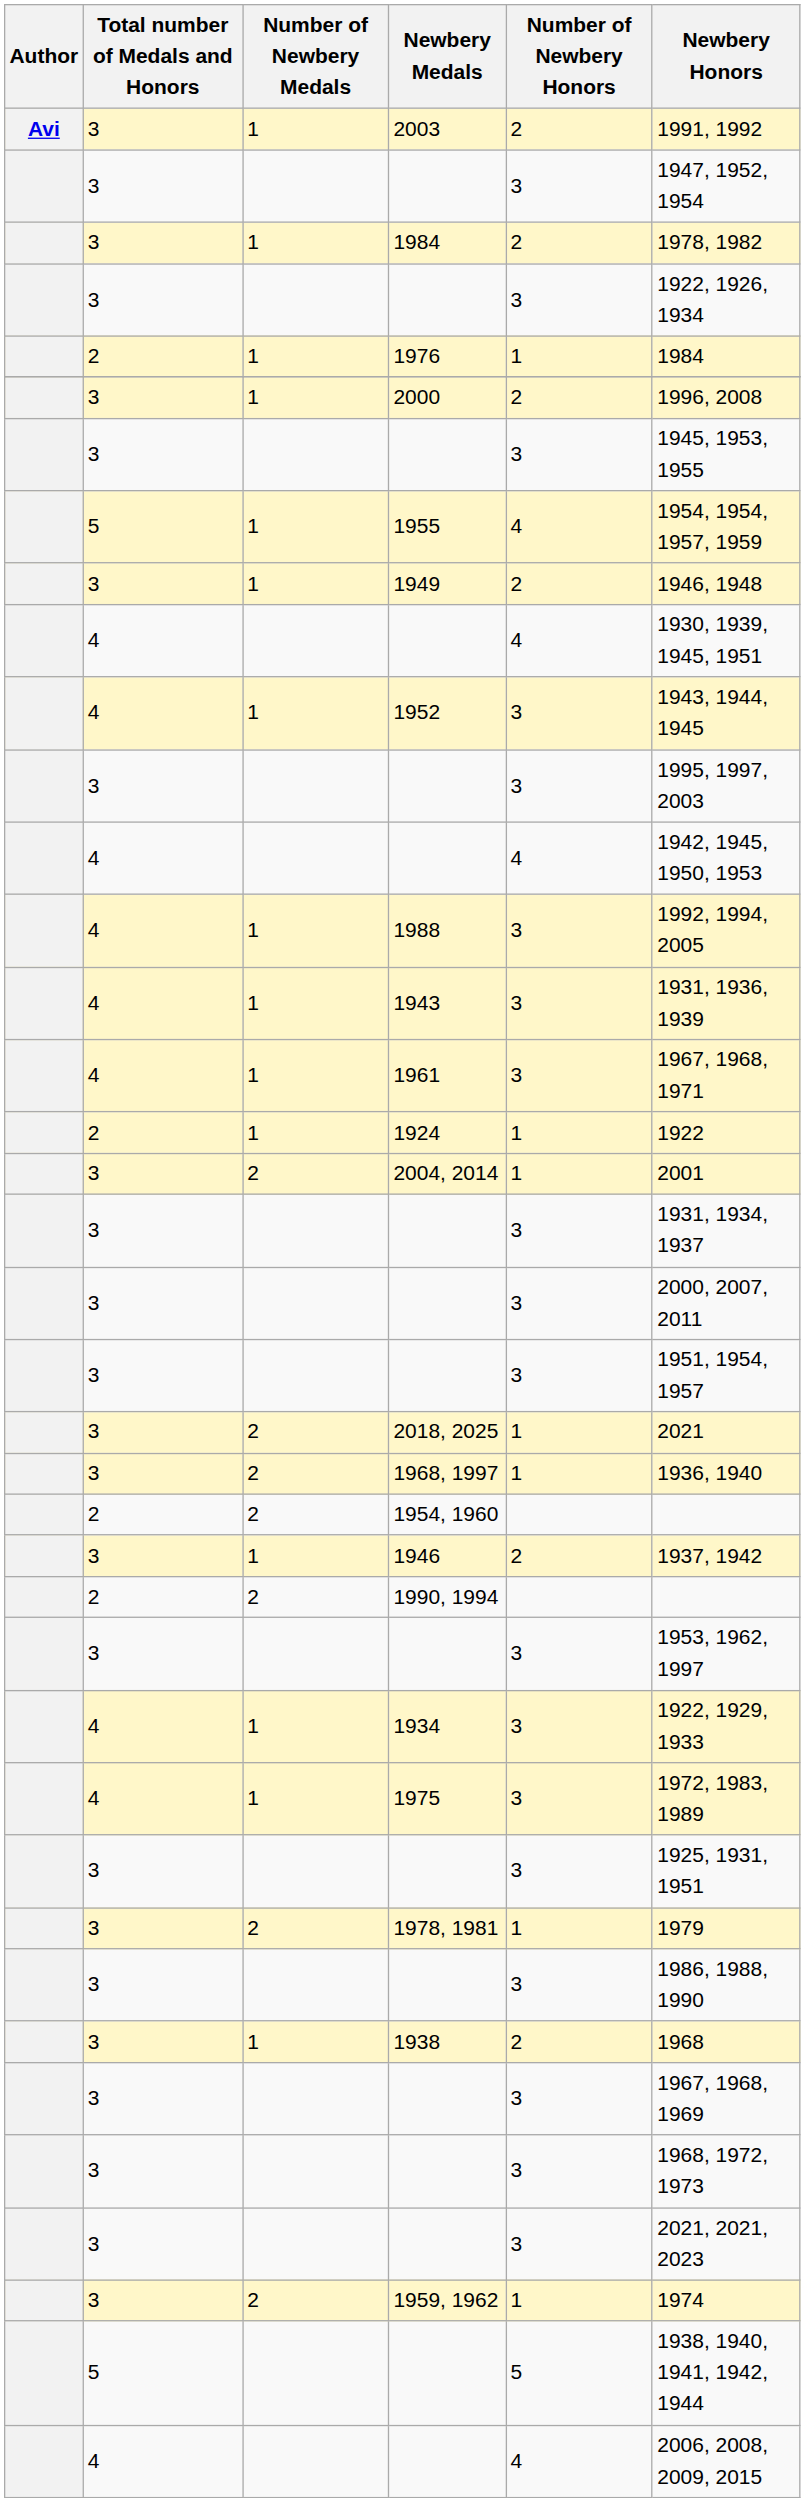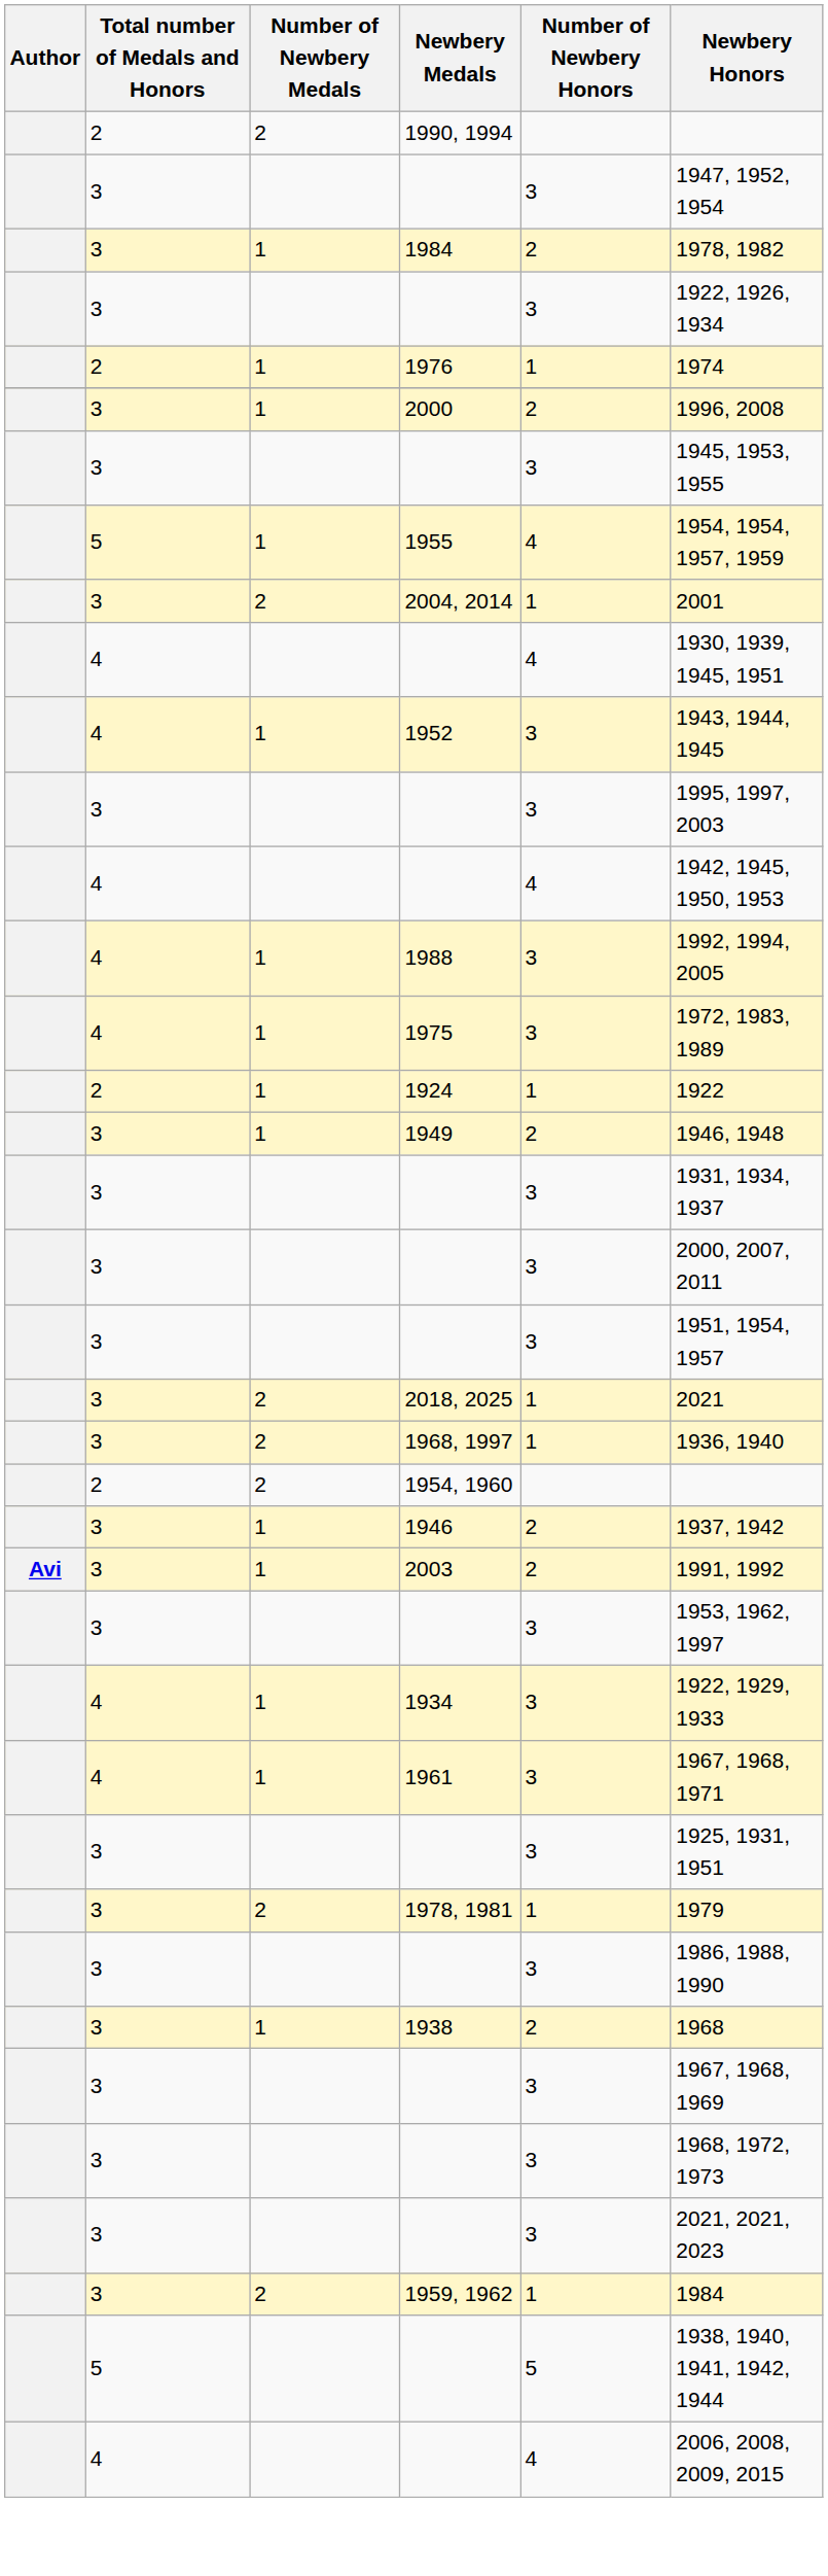 <table class="wikitable sortable" style="font-size:1.00em; line-height:1.5em;">
 <tr>
 <th scope="col">Author</th>
 <th scope="col">Total number of Medals and Honors</th>
 <th scope="col">Number of Newbery Medals</th>
 <th scope="col">Newbery Medals</th>
 <th scope="col">Number of Newbery Honors</th>
 <th scope="col">Newbery Honors</th>
 </tr>
-<tr style="background:#fff7c9">
-<th scope=“row”><a href='#'>Avi</a></th>
-<td>3</td>
-<td>1</td>
-<td>2003</td>
+<tr>
+<th scope=“row”></th>
 <td>2</td>
-<td>1991, 1992</td>
+<td>2</td>
+<td>1990, 1994</td>
+<td></td>
+<td></td>
 </tr>
 <tr>
 <th scope=“row”></th>
 <td>3</td>
 <td></td>
 <td></td>
 <td>3</td>
 <td>1947, 1952, 1954</td>
 </tr>
 <tr style="background:#fff7c9">
 <th scope=“row”></th>
 <td>3</td>
 <td>1</td>
 <td>1984</td>
 <td>2</td>
 <td>1978, 1982</td>
 </tr>
 <tr>
 <th scope=“row”></th>
 <td>3</td>
 <td></td>
 <td></td>
 <td>3</td>
 <td>1922, 1926, 1934</td>
 </tr>
 <tr style="background:#fff7c9">
 <th scope=“row”></th>
 <td>2</td>
 <td>1</td>
 <td>1976</td>
 <td>1</td>
-<td>1984</td>
+<td>1974</td>
 </tr>
 <tr>
 </tr>
 <tr style="background:#fff7c9">
 <th scope=“row”></th>
 <td>3</td>
 <td>1</td>
 <td>2000</td>
 <td>2</td>
 <td>1996, 2008</td>
 </tr>
 <tr>
 <th scope=“row”></th>
 <td>3</td>
 <td></td>
 <td></td>
 <td>3</td>
 <td>1945, 1953, 1955</td>
 </tr>
 <tr style="background:#fff7c9">
 <th scope=“row”></th>
 <td>5</td>
 <td>1</td>
 <td>1955</td>
 <td>4</td>
 <td>1954, 1954, 1957, 1959</td>
 </tr>
 <tr style="background:#fff7c9">
 <th scope=“row”></th>
 <td>3</td>
+<td>2</td>
+<td>2004, 2014</td>
 <td>1</td>
-<td>1949</td>
-<td>2</td>
-<td>1946, 1948</td>
+<td>2001</td>
 </tr>
 <tr>
 <th scope=“row”></th>
 <td>4</td>
 <td></td>
 <td></td>
 <td>4</td>
 <td>1930, 1939, 1945, 1951</td>
 </tr>
 <tr style="background:#fff7c9">
 <th scope=“row”></th>
 <td>4</td>
 <td>1</td>
 <td>1952</td>
 <td>3</td>
 <td>1943, 1944, 1945</td>
 </tr>
 <tr>
 <th scope=“row”></th>
 <td>3</td>
 <td></td>
 <td></td>
 <td>3</td>
 <td>1995, 1997, 2003</td>
 </tr>
 <tr>
 <th scope=“row”></th>
 <td>4</td>
 <td></td>
 <td></td>
 <td>4</td>
 <td>1942, 1945, 1950, 1953</td>
 </tr>
 <tr style="background:#fff7c9">
 <th scope=“row”></th>
 <td>4</td>
 <td>1</td>
 <td>1988</td>
 <td>3</td>
 <td>1992, 1994, 2005</td>
 </tr>
 <tr style="background:#fff7c9">
 <th scope=“row”></th>
 <td>4</td>
 <td>1</td>
-<td>1943</td>
+<td>1975</td>
 <td>3</td>
-<td>1931, 1936, 1939</td>
-</tr>
-<tr style="background:#fff7c9">
-<th scope=“row”></th>
-<td>4</td>
-<td>1</td>
-<td>1961</td>
-<td>3</td>
-<td>1967, 1968, 1971</td>
+<td>1972, 1983, 1989</td>
 </tr>
 <tr style="background:#fff7c9">
 <th scope=“row”></th>
 <td>2</td>
 <td>1</td>
 <td>1924</td>
 <td>1</td>
 <td>1922</td>
 </tr>
 <tr style="background:#fff7c9">
 <th scope=“row”></th>
 <td>3</td>
+<td>1</td>
+<td>1949</td>
 <td>2</td>
-<td>2004, 2014</td>
-<td>1</td>
-<td>2001</td>
+<td>1946, 1948</td>
 </tr>
 <tr>
 <th scope=“row”></th>
 <td>3</td>
 <td></td>
 <td></td>
 <td>3</td>
 <td>1931, 1934, 1937</td>
 </tr>
 <tr>
 <th scope=“row”></th>
 <td>3</td>
 <td></td>
 <td></td>
 <td>3</td>
 <td>2000, 2007, 2011</td>
 </tr>
 <tr>
 <th scope=“row”></th>
 <td>3</td>
 <td></td>
 <td></td>
 <td>3</td>
 <td>1951, 1954, 1957</td>
 </tr>
 <tr style="background:#fff7c9">
 <th></th>
 <td>3</td>
 <td>2</td>
 <td>2018, 2025</td>
 <td>1</td>
 <td>2021</td>
 </tr>
 <tr style="background:#fff7c9">
 <th scope=“row”></th>
 <td>3</td>
 <td>2</td>
 <td>1968, 1997</td>
 <td>1</td>
 <td>1936, 1940</td>
 </tr>
 <tr>
 <th scope=“row”></th>
 <td>2</td>
 <td>2</td>
 <td>1954, 1960</td>
 <td></td>
 <td></td>
 </tr>
 <tr style="background:#fff7c9">
 <th scope=“row”></th>
 <td>3</td>
 <td>1</td>
 <td>1946</td>
 <td>2</td>
 <td>1937, 1942</td>
 </tr>
-<tr>
-<th scope=“row”></th>
+<tr style="background:#fff7c9">
+<th scope=“row”><a href='#'>Avi</a></th>
+<td>3</td>
+<td>1</td>
+<td>2003</td>
 <td>2</td>
-<td>2</td>
-<td>1990, 1994</td>
-<td></td>
-<td></td>
+<td>1991, 1992</td>
 </tr>
 <tr>
 <th scope=“row”></th>
 <td>3</td>
 <td></td>
 <td></td>
 <td>3</td>
 <td>1953, 1962, 1997</td>
 </tr>
 <tr style="background:#fff7c9">
 <th scope=“row”></th>
 <td>4</td>
 <td>1</td>
 <td>1934</td>
 <td>3</td>
 <td>1922, 1929, 1933</td>
 </tr>
 <tr style="background:#fff7c9">
 <th scope=“row”></th>
 <td>4</td>
 <td>1</td>
-<td>1975</td>
+<td>1961</td>
 <td>3</td>
-<td>1972, 1983, 1989</td>
+<td>1967, 1968, 1971</td>
 </tr>
 <tr>
 <th scope=“row”></th>
 <td>3</td>
 <td></td>
 <td></td>
 <td>3</td>
 <td>1925, 1931, 1951</td>
 </tr>
 <tr style="background:#fff7c9">
 <th scope=“row”></th>
 <td>3</td>
 <td>2</td>
 <td>1978, 1981</td>
 <td>1</td>
 <td>1979</td>
 </tr>
 <tr>
 <th scope=“row”></th>
 <td>3</td>
 <td></td>
 <td></td>
 <td>3</td>
 <td>1986, 1988, 1990</td>
 </tr>
 <tr style="background:#fff7c9">
 <th scope=“row”></th>
 <td>3</td>
 <td>1</td>
 <td>1938</td>
 <td>2</td>
 <td>1968</td>
 </tr>
 <tr>
 <th scope=“row”></th>
 <td>3</td>
 <td></td>
 <td></td>
 <td>3</td>
 <td>1967, 1968, 1969</td>
 </tr>
 <tr>
 <th scope=“row”></th>
 <td>3</td>
 <td></td>
 <td></td>
 <td>3</td>
 <td>1968, 1972, 1973</td>
 </tr>
 <tr>
 <th scope=“row”></th>
 <td>3</td>
 <td></td>
 <td></td>
 <td>3</td>
 <td>2021, 2021, 2023</td>
 </tr>
 <tr style="background:#fff7c9">
 <th scope=“row”></th>
 <td>3</td>
 <td>2</td>
 <td>1959, 1962</td>
 <td>1</td>
-<td>1974</td>
+<td>1984</td>
 </tr>
 <tr>
 <th scope=“row”></th>
 <td>5</td>
 <td></td>
 <td></td>
 <td>5</td>
 <td>1938, 1940, 1941, 1942, 1944</td>
 </tr>
 <tr>
 <th scope=“row”></th>
 <td>4</td>
 <td></td>
 <td></td>
 <td>4</td>
 <td>2006, 2008, 2009, 2015</td>
 </tr>
 </table>
